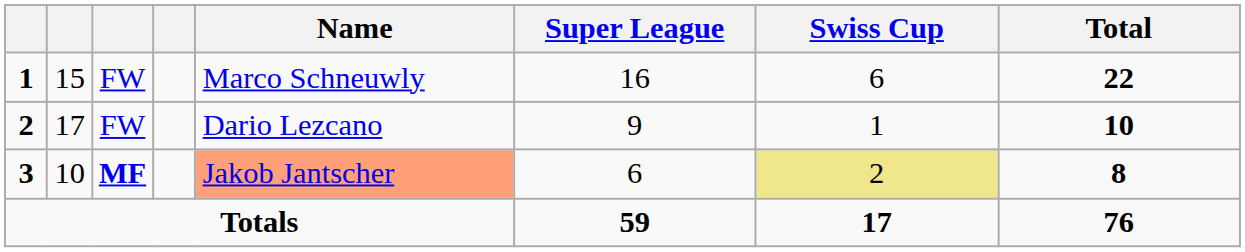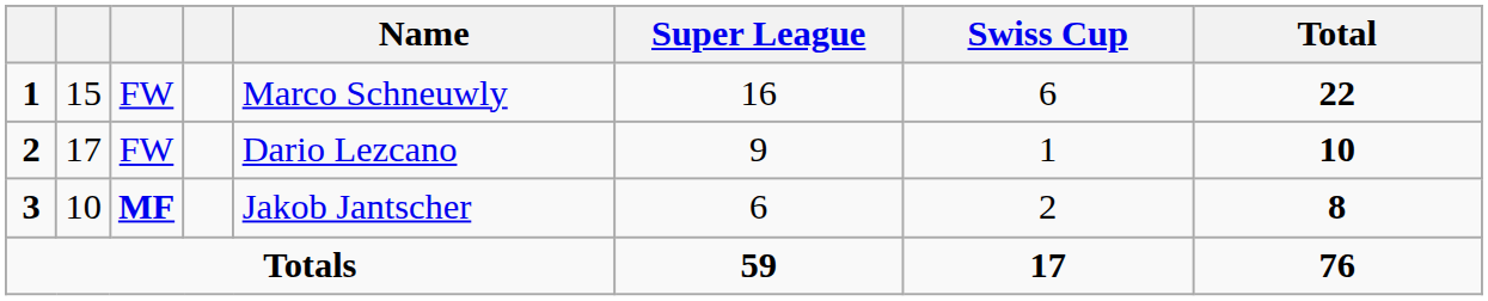 <table class="wikitable" style="text-align:center">
 <tr>
 <th width=15></th>
 <th width=15></th>
 <th width=15></th>
 <th width=15></th>
 <th width=160>Name</th>
 <th width=120><a href='#'>Super League</a></th>
 <th width=120><a href='#'>Swiss Cup</a></th>
 <th width=120>Total</th>
 </tr>
 <tr>
 <td><strong>1</strong></td>
 <td>15</td>
 <td><a href='#'>FW</a></td>
 <td></td>
 <td align=left><a href='#'>Marco Schneuwly</a></td>
 <td>16</td>
 <td>6</td>
 <td><strong>22</strong></td>
 </tr>
 <tr>
 <td><strong>2</strong></td>
 <td>17</td>
 <td><a href='#'>FW</a></td>
 <td></td>
 <td align=left><a href='#'>Dario Lezcano</a></td>
 <td>9</td>
 <td>1</td>
 <td><strong>10</strong></td>
 </tr>
 <tr>
 <td><strong>3</strong></td>
 <td>10</td>
 <td><strong><a href='#'>MF</a></strong></td>
 <td></td>
-<td align=left style="background: lightsalmon;"><a href='#'>Jakob Jantscher</a></td>
+<td align=left><a href='#'>Jakob Jantscher</a></td>
 <td>6</td>
-<td style="background: khaki;">2</td>
+<td>2</td>
 <td><strong>8</strong></td>
 </tr>
 <tr>
 <td colspan=5><strong>Totals</strong></td>
 <td><strong>59</strong></td>
 <td><strong>17</strong></td>
 <td><strong>76</strong></td>
 </tr>
 </table>
